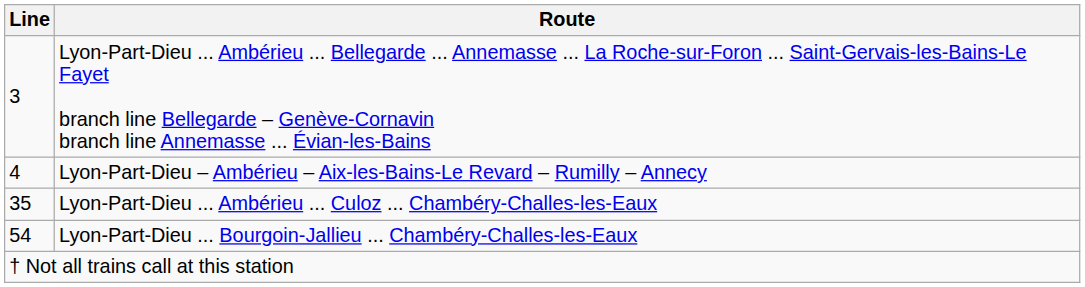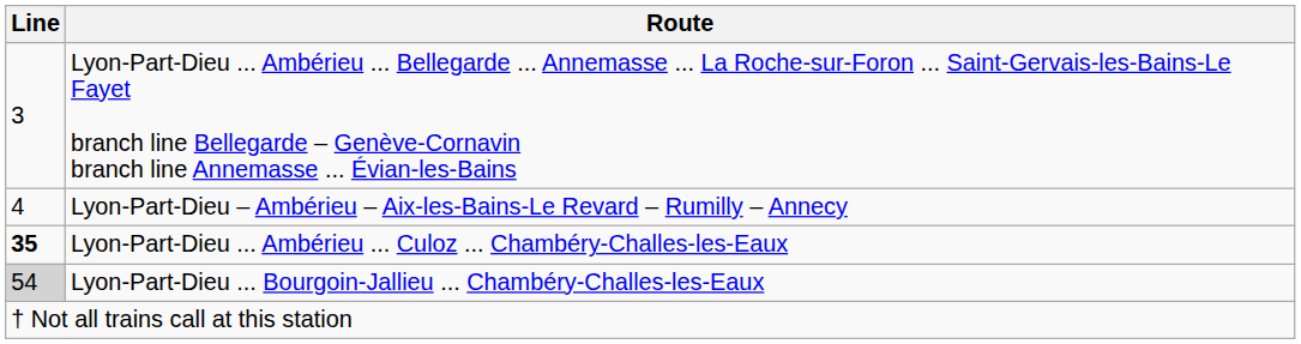 <table class="wikitable vatop">
 <tr>
 <th>Line</th>
 <th>Route</th>
 </tr>
 <tr>
 <td>3</td>
 <td>Lyon-Part-Dieu  ... <a href='#'>Ambérieu</a> ... <a href='#'>Bellegarde</a> ... <a href='#'>Annemasse</a> ... <a href='#'>La Roche-sur-Foron</a> ... <a href='#'>Saint-Gervais-les-Bains-Le Fayet</a><br><br>branch line <a href='#'>Bellegarde</a> – <a href='#'>Genève-Cornavin</a><br> branch line <a href='#'>Annemasse</a> ... <a href='#'>Évian-les-Bains</a></td>
 </tr>
 <tr>
 <td>4</td>
 <td>Lyon-Part-Dieu – <a href='#'>Ambérieu</a> – <a href='#'>Aix-les-Bains-Le Revard</a> – <a href='#'>Rumilly</a> – <a href='#'>Annecy</a></td>
 </tr>
 <tr>
-<td>35</td>
+<td><strong>35</strong></td>
 <td>Lyon-Part-Dieu  ... <a href='#'>Ambérieu</a> ... <a href='#'>Culoz</a> ... <a href='#'>Chambéry-Challes-les-Eaux</a></td>
 </tr>
 <tr>
-<td>54</td>
+<td style="background: lightgrey;">54</td>
 <td>Lyon-Part-Dieu ... <a href='#'>Bourgoin-Jallieu</a> ... <a href='#'>Chambéry-Challes-les-Eaux</a></td>
 </tr>
 <tr>
 <td colspan=2>† Not all trains call at this station</td>
 </tr>
 </table>
